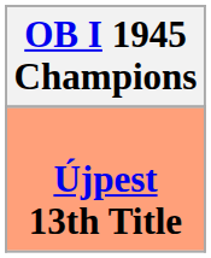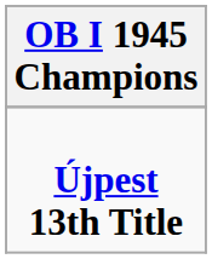 <table class="wikitable" style="text-align: center; margin: 0 auto;">
 <tr>
 <th><a href='#'>OB I</a> 1945<br>Champions</th>
 </tr>
 <tr>
 </tr>
 <tr>
-<td style="background: lightsalmon;"> <br><strong><a href='#'>Újpest</a></strong><br><strong>13th Title</strong></td>
+<td> <br><strong><a href='#'>Újpest</a></strong><br><strong>13th Title</strong></td>
 </tr>
 </table>
